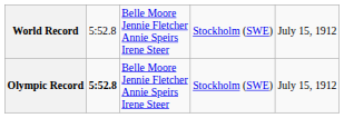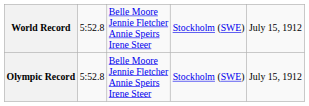 <table class="wikitable" style="text-align:left">
 <tr>
 <th>World Record</th>
 <td>5:52.8</td>
 <td> <a href='#'>Belle Moore</a><br> <a href='#'>Jennie Fletcher</a><br> <a href='#'>Annie Speirs</a><br> <a href='#'>Irene Steer</a></td>
 <td><a href='#'>Stockholm</a> (<a href='#'>SWE</a>)</td>
 <td>July 15, 1912</td>
 </tr>
 <tr>
 <th>Olympic Record</th>
-<td><strong>5:52.8</strong></td>
+<td>5:52.8</td>
 <td> <a href='#'>Belle Moore</a><br> <a href='#'>Jennie Fletcher</a><br> <a href='#'>Annie Speirs</a><br> <a href='#'>Irene Steer</a></td>
 <td><a href='#'>Stockholm</a> (<a href='#'>SWE</a>)</td>
 <td>July 15, 1912</td>
 </tr>
 </table>
